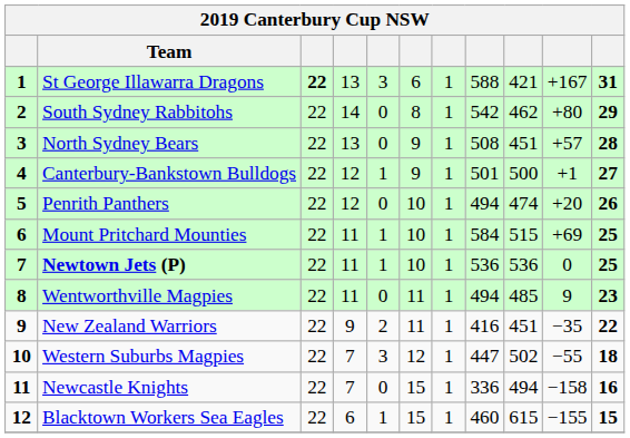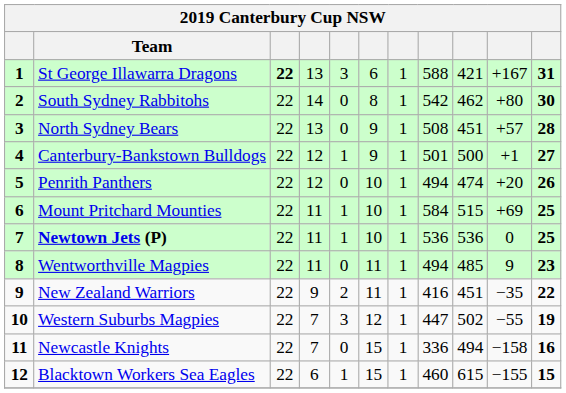 <table class="wikitable" style="text-align:center;">
 <tr>
 <th colspan="11">2019 Canterbury Cup NSW</th>
 </tr>
 <tr>
 <th width="20"></th>
 <th>Team</th>
 <th width="20"></th>
 <th width="20"></th>
 <th width="20"></th>
 <th width="20"></th>
 <th width="20"></th>
 <th width="25"></th>
 <th width="25"></th>
 <th width="30"></th>
 <th width="20"></th>
 </tr>
 <tr style="background: #ccffcc;">
 <td><strong>1</strong></td>
 <td style="text-align:left;"> <a href='#'>St George Illawarra Dragons</a></td>
 <td><strong>22</strong></td>
 <td>13</td>
 <td>3</td>
 <td>6</td>
 <td>1</td>
 <td>588</td>
 <td>421</td>
 <td>+167</td>
 <td><strong>31</strong></td>
 </tr>
 <tr style="background: #ccffcc;">
 <td><strong>2</strong></td>
 <td style="text-align:left;"> <a href='#'>South Sydney Rabbitohs</a></td>
 <td>22</td>
 <td>14</td>
 <td>0</td>
 <td>8</td>
 <td>1</td>
 <td>542</td>
 <td>462</td>
 <td>+80</td>
-<td><strong>29</strong></td>
+<td><strong>30</strong></td>
 </tr>
 <tr style="background: #ccffcc;">
 <td><strong>3</strong></td>
 <td style="text-align:left;"> <a href='#'>North Sydney Bears</a></td>
 <td>22</td>
 <td>13</td>
 <td>0</td>
 <td>9</td>
 <td>1</td>
 <td>508</td>
 <td>451</td>
 <td>+57</td>
 <td><strong>28</strong></td>
 </tr>
 <tr style="background: #ccffcc;">
 <td><strong>4</strong></td>
 <td style="text-align:left;"> <a href='#'>Canterbury-Bankstown Bulldogs</a></td>
 <td>22</td>
 <td>12</td>
 <td>1</td>
 <td>9</td>
 <td>1</td>
 <td>501</td>
 <td>500</td>
 <td>+1</td>
 <td><strong>27</strong></td>
 </tr>
 <tr style="background: #ccffcc;">
 <td><strong>5</strong></td>
 <td style="text-align:left;"> <a href='#'>Penrith Panthers</a></td>
 <td>22</td>
 <td>12</td>
 <td>0</td>
 <td>10</td>
 <td>1</td>
 <td>494</td>
 <td>474</td>
 <td>+20</td>
 <td><strong>26</strong></td>
 </tr>
 <tr style="background: #ccffcc;">
 <td><strong>6</strong></td>
 <td style="text-align:left;"> <a href='#'>Mount Pritchard Mounties</a></td>
 <td>22</td>
 <td>11</td>
 <td>1</td>
 <td>10</td>
 <td>1</td>
 <td>584</td>
 <td>515</td>
 <td>+69</td>
 <td><strong>25</strong></td>
 </tr>
 <tr style="background: #ccffcc;">
 <td><strong>7</strong></td>
 <td style="text-align:left;"> <strong><a href='#'>Newtown Jets</a></strong> <strong>(P)</strong></td>
 <td>22</td>
 <td>11</td>
 <td>1</td>
 <td>10</td>
 <td>1</td>
 <td>536</td>
 <td>536</td>
 <td>0</td>
 <td><strong>25</strong></td>
 </tr>
 <tr style="background: #ccffcc;">
 <td><strong>8</strong></td>
 <td style="text-align:left;"> <a href='#'>Wentworthville Magpies</a></td>
 <td>22</td>
 <td>11</td>
 <td>0</td>
 <td>11</td>
 <td>1</td>
 <td>494</td>
 <td>485</td>
 <td>9</td>
 <td><strong>23</strong></td>
 </tr>
 <tr style="background:">
 <td><strong>9</strong></td>
 <td style="text-align:left;"> <a href='#'>New Zealand Warriors</a></td>
 <td>22</td>
 <td>9</td>
 <td>2</td>
 <td>11</td>
 <td>1</td>
 <td>416</td>
 <td>451</td>
 <td>−35</td>
 <td><strong>22</strong></td>
 </tr>
 <tr style="background:">
 <td><strong>10</strong></td>
 <td style="text-align:left;"> <a href='#'>Western Suburbs Magpies</a></td>
 <td>22</td>
 <td>7</td>
 <td>3</td>
 <td>12</td>
 <td>1</td>
 <td>447</td>
 <td>502</td>
 <td>−55</td>
-<td><strong>18</strong></td>
+<td><strong>19</strong></td>
 </tr>
 <tr style="background:">
 <td><strong>11</strong></td>
 <td style="text-align:left;"> <a href='#'>Newcastle Knights</a></td>
 <td>22</td>
 <td>7</td>
 <td>0</td>
 <td>15</td>
 <td>1</td>
 <td>336</td>
 <td>494</td>
 <td>−158</td>
 <td><strong>16</strong></td>
 </tr>
 <tr style="background:">
 <td><strong>12</strong></td>
 <td style="text-align:left;"> <a href='#'>Blacktown Workers Sea Eagles</a></td>
 <td>22</td>
 <td>6</td>
 <td>1</td>
 <td>15</td>
 <td>1</td>
 <td>460</td>
 <td>615</td>
 <td>−155</td>
 <td><strong>15</strong></td>
 </tr>
 <tr style="background:">
 </tr>
 </table>
